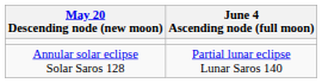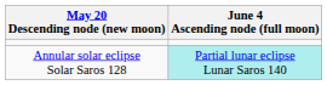 <table class="wikitable">
 <tr>
 <th><a href='#'>May 20</a><br>Descending node (new moon)<br></th>
 <th>June 4<br>Ascending node (full moon)<br></th>
 </tr>
 <tr>
 <td></td>
 <td></td>
 </tr>
 <tr align=center>
 <td><a href='#'>Annular solar eclipse</a><br>Solar Saros 128</td>
-<td><a href='#'>Partial lunar eclipse</a><br>Lunar Saros 140</td>
+<td style="background: paleturquoise;"><a href='#'>Partial lunar eclipse</a><br>Lunar Saros 140</td>
 </tr>
 </table>
